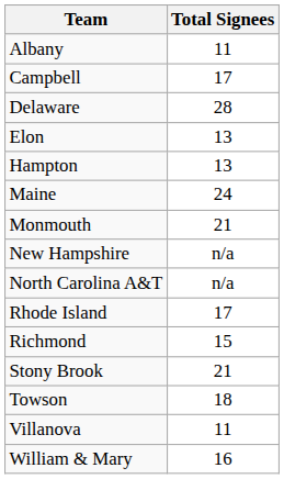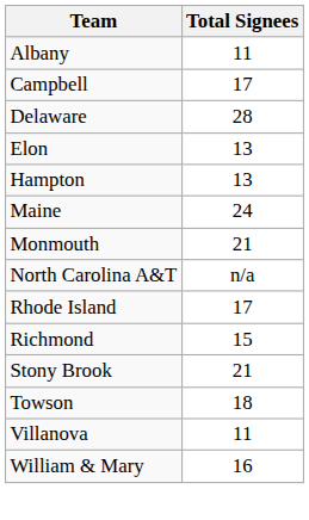 <table class="wikitable">
 <tr>
 <th>Team</th>
 <th>Total Signees</th>
 </tr>
 <tr>
 <td>Albany</td>
 <td style="text-align:center; background:white">11</td>
 </tr>
 <tr>
 <td>Campbell</td>
 <td style="text-align:center; background:white">17</td>
 </tr>
 <tr>
 <td>Delaware</td>
 <td style="text-align:center; background:white">28</td>
 </tr>
 <tr>
 <td>Elon</td>
 <td style="text-align:center; background:white">13</td>
 </tr>
 <tr>
 <td>Hampton</td>
 <td style="text-align:center; background:white">13</td>
 </tr>
 <tr>
 <td>Maine</td>
 <td style="text-align:center; background:white">24</td>
 </tr>
 <tr>
 <td>Monmouth</td>
 <td style="text-align:center; background:white">21</td>
 </tr>
 <tr>
-<td>New Hampshire</td>
-<td style="text-align:center; background:white">n/a</td>
-</tr>
-<tr>
 <td>North Carolina A&T</td>
 <td style="text-align:center; background:white">n/a</td>
 </tr>
 <tr>
 <td>Rhode Island</td>
 <td style="text-align:center; background:white">17</td>
 </tr>
 <tr>
 <td>Richmond</td>
 <td style="text-align:center; background:white">15</td>
 </tr>
 <tr>
 <td>Stony Brook</td>
 <td style="text-align:center; background:white">21</td>
 </tr>
 <tr>
 <td>Towson</td>
 <td style="text-align:center; background:white">18</td>
 </tr>
 <tr>
 <td>Villanova</td>
 <td style="text-align:center; background:white">11</td>
 </tr>
 <tr>
 <td>William & Mary</td>
 <td style="text-align:center; background:white">16</td>
 </tr>
 </table>
